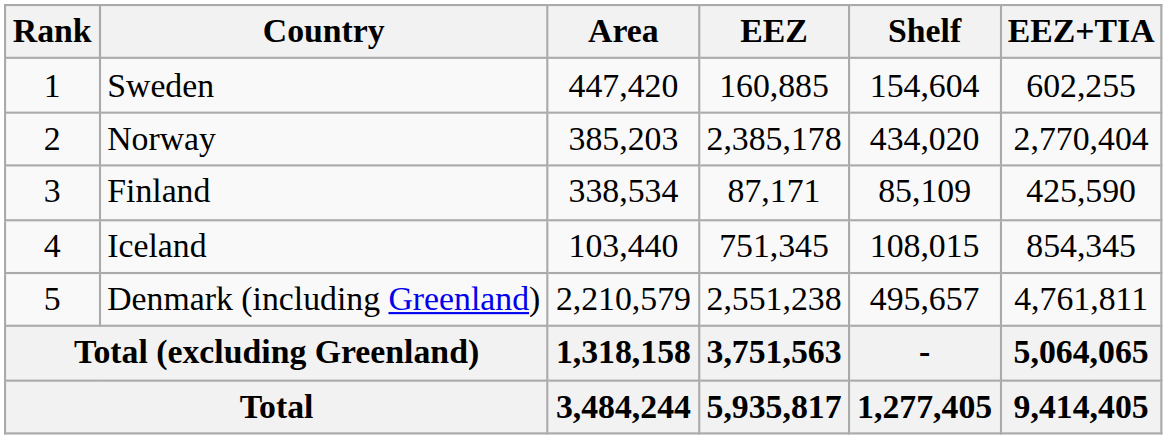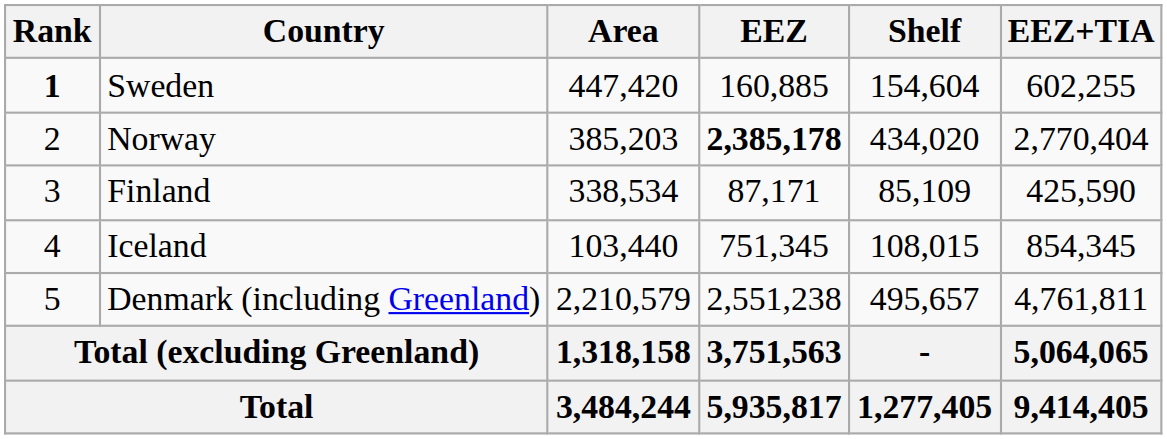 <table class="sortable wikitable" style="text-align: center">
 <tr>
 <th>Rank</th>
 <th>Country</th>
 <th>Area</th>
 <th>EEZ</th>
 <th>Shelf</th>
 <th>EEZ+TIA</th>
 </tr>
 <tr>
-<td>1</td>
+<td><strong>1</strong></td>
 <td align=left>Sweden</td>
 <td>447,420</td>
 <td>160,885</td>
 <td>154,604</td>
 <td>602,255</td>
 </tr>
 <tr>
 <td>2</td>
 <td align=left>Norway</td>
 <td>385,203</td>
-<td>2,385,178</td>
+<td><strong>2,385,178</strong></td>
 <td>434,020</td>
 <td>2,770,404</td>
 </tr>
 <tr>
 <td>3</td>
 <td align=left>Finland</td>
 <td>338,534</td>
 <td>87,171</td>
 <td>85,109</td>
 <td>425,590</td>
 </tr>
 <tr>
 <td>4</td>
 <td align=left>Iceland</td>
 <td>103,440</td>
 <td>751,345</td>
 <td>108,015</td>
 <td>854,345</td>
 </tr>
 <tr>
 <td>5</td>
 <td align=left>Denmark (including <a href='#'>Greenland</a>)</td>
 <td>2,210,579</td>
 <td>2,551,238</td>
 <td>495,657</td>
 <td>4,761,811</td>
 </tr>
 <tr>
 <th colspan=2>Total (excluding Greenland)</th>
 <th>1,318,158</th>
 <th>3,751,563</th>
 <th>-</th>
 <th>5,064,065</th>
 </tr>
 <tr>
 <th colspan=2>Total</th>
 <th>3,484,244</th>
 <th>5,935,817</th>
 <th>1,277,405</th>
 <th>9,414,405</th>
 </tr>
 </table>
